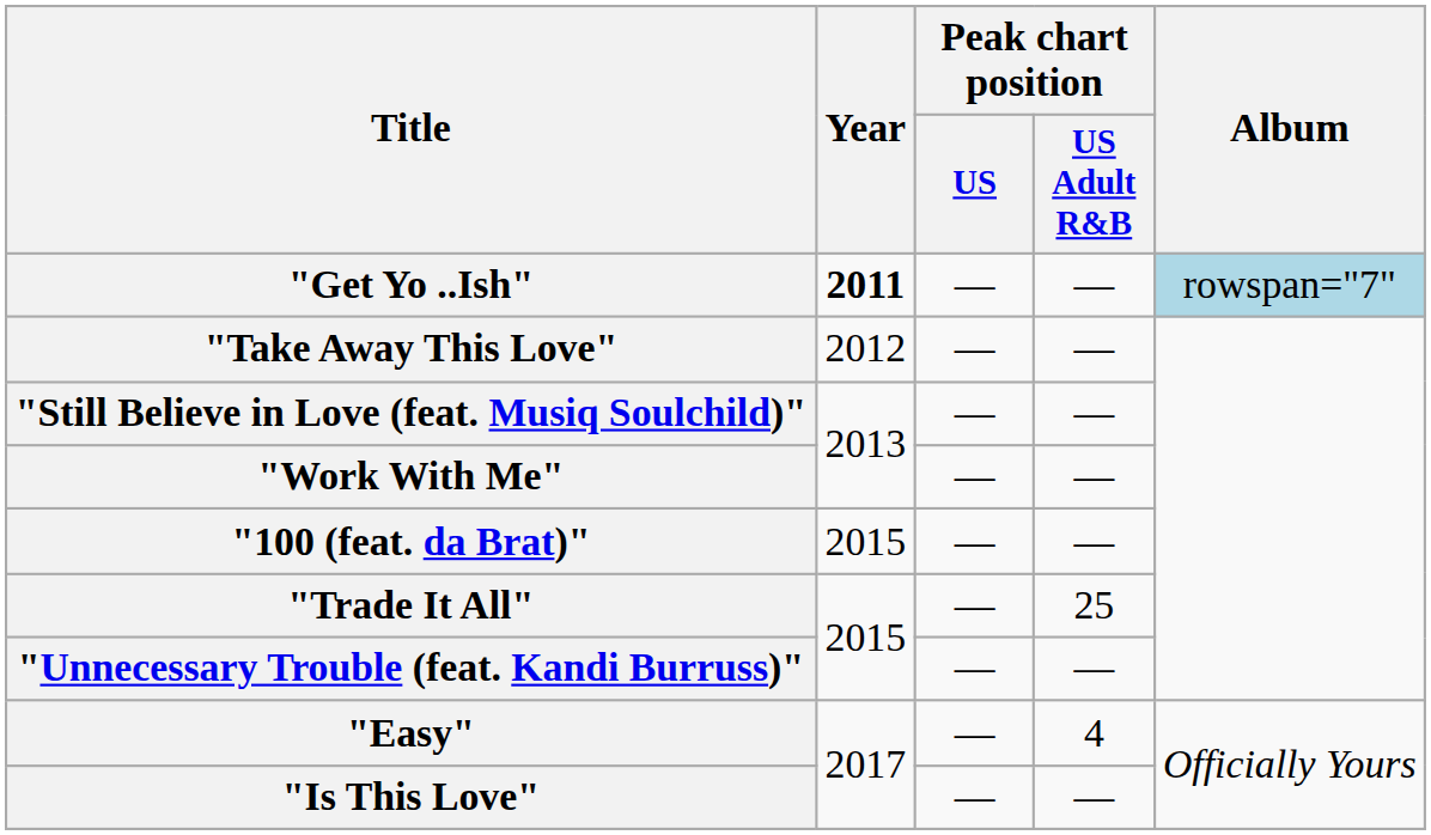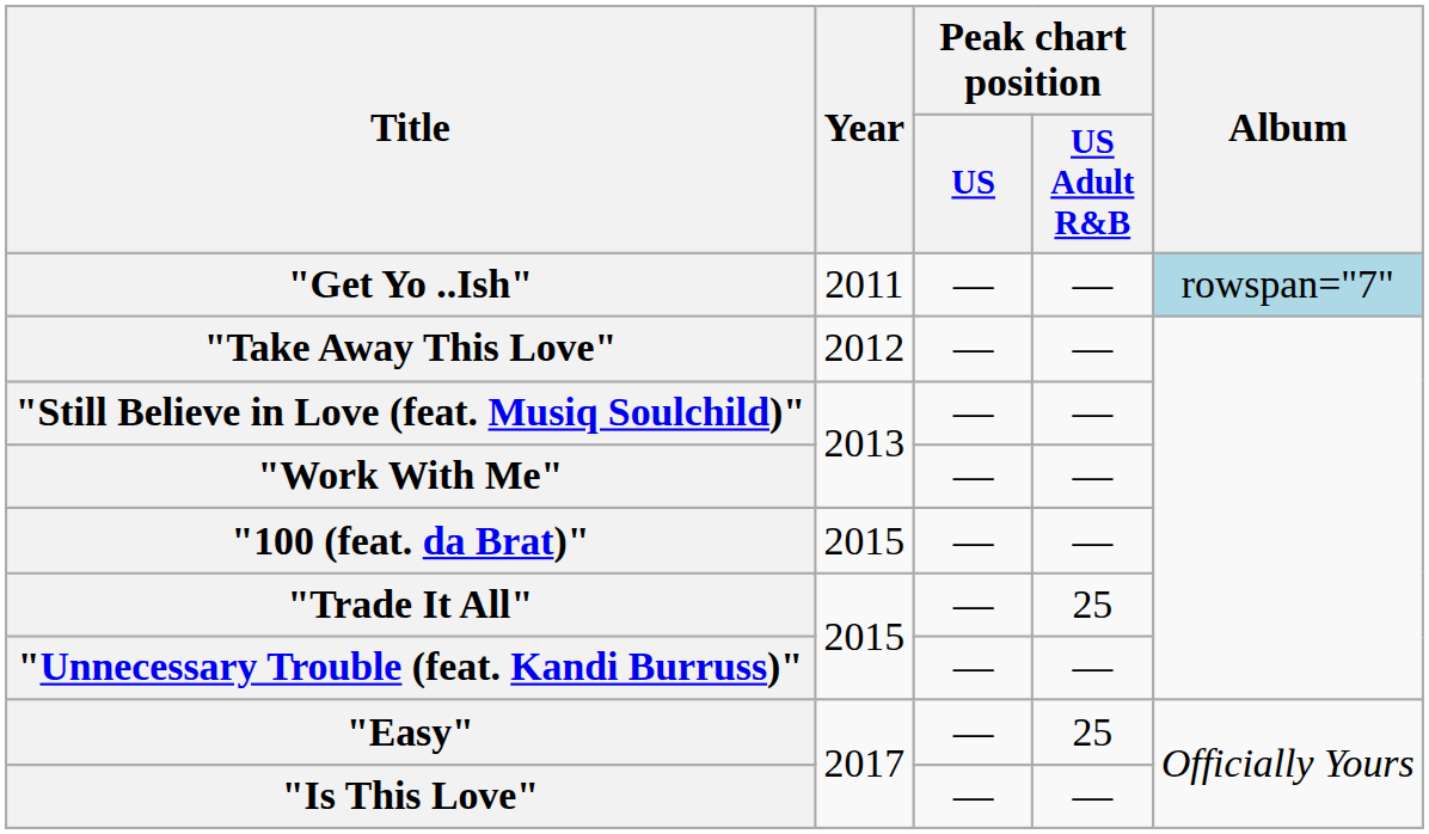 <table class="wikitable plainrowheaders" style="text-align:center;">
 <tr>
 <th scope="col" rowspan="2">Title</th>
 <th scope="col" rowspan="2">Year</th>
 <th scope="col" colspan="2">Peak chart position</th>
 <th scope="col" rowspan="2">Album</th>
 </tr>
 <tr>
 <th scope="col" style="width:3em;font-size:85%;"><a href='#'>US</a><br></th>
 <th scope="col" style="width:3em;font-size:85%;"><a href='#'>US <br>Adult R&B</a><br></th>
 </tr>
 <tr>
 <th scope="row">"Get Yo ..Ish"</th>
-<td><strong>2011</strong></td>
+<td>2011</td>
 <td>—</td>
 <td>—</td>
 <td style="background: lightblue;">rowspan="7" </td>
 </tr>
 <tr>
 <th scope="row">"Take Away This Love"</th>
 <td>2012</td>
 <td>—</td>
 <td>—</td>
 </tr>
 <tr>
 <th scope="row">"Still Believe in Love (feat. <a href='#'>Musiq Soulchild</a>)"</th>
 <td rowspan="2">2013</td>
 <td>—</td>
 <td>—</td>
 </tr>
 <tr>
 <th scope="row">"Work With Me"</th>
 <td>—</td>
 <td>—</td>
 </tr>
 <tr>
 <th scope="row">"100 (feat. <a href='#'>da Brat</a>)"</th>
 <td>2015</td>
 <td>—</td>
 <td>—</td>
 </tr>
 <tr>
 <th scope="row">"Trade It All"</th>
 <td rowspan="2">2015</td>
 <td>—</td>
 <td>25</td>
 </tr>
 <tr>
 <th scope="row">"<a href='#'>Unnecessary Trouble</a> (feat. <a href='#'>Kandi Burruss</a>)"</th>
 <td>—</td>
 <td>—</td>
 </tr>
 <tr>
 <th scope="row">"Easy"</th>
 <td rowspan="2">2017</td>
 <td>—</td>
-<td>4</td>
+<td>25</td>
 <td rowspan="2"><em>Officially Yours</em></td>
 </tr>
 <tr>
 <th scope="row">"Is This Love"</th>
 <td>—</td>
 <td>—</td>
 </tr>
 </table>
